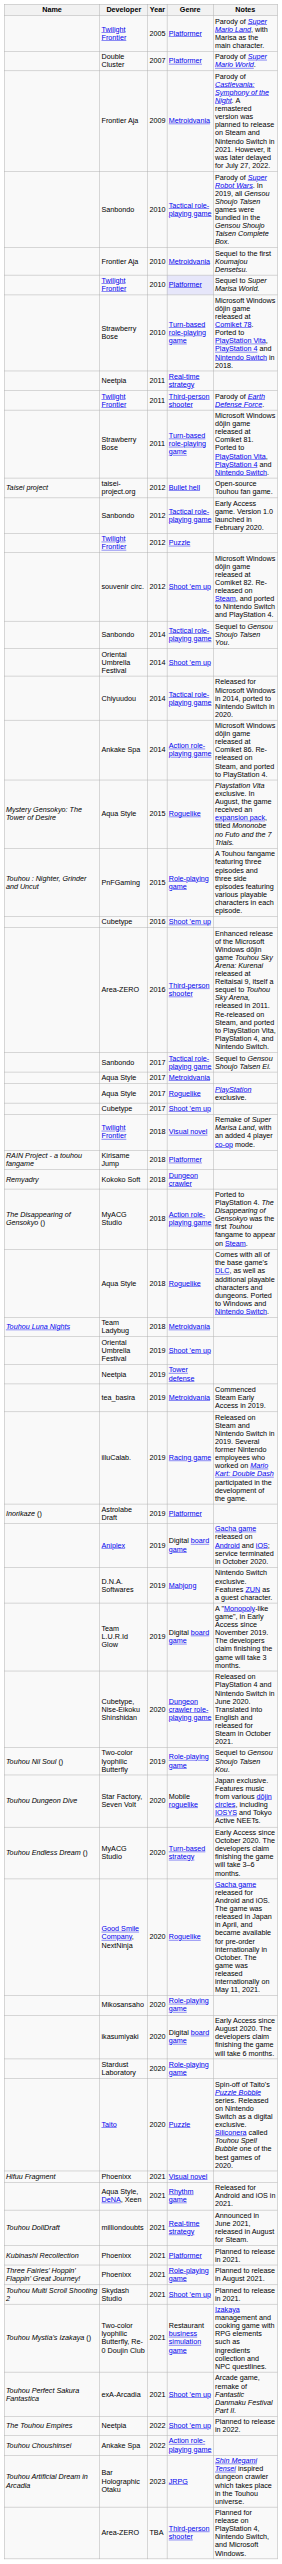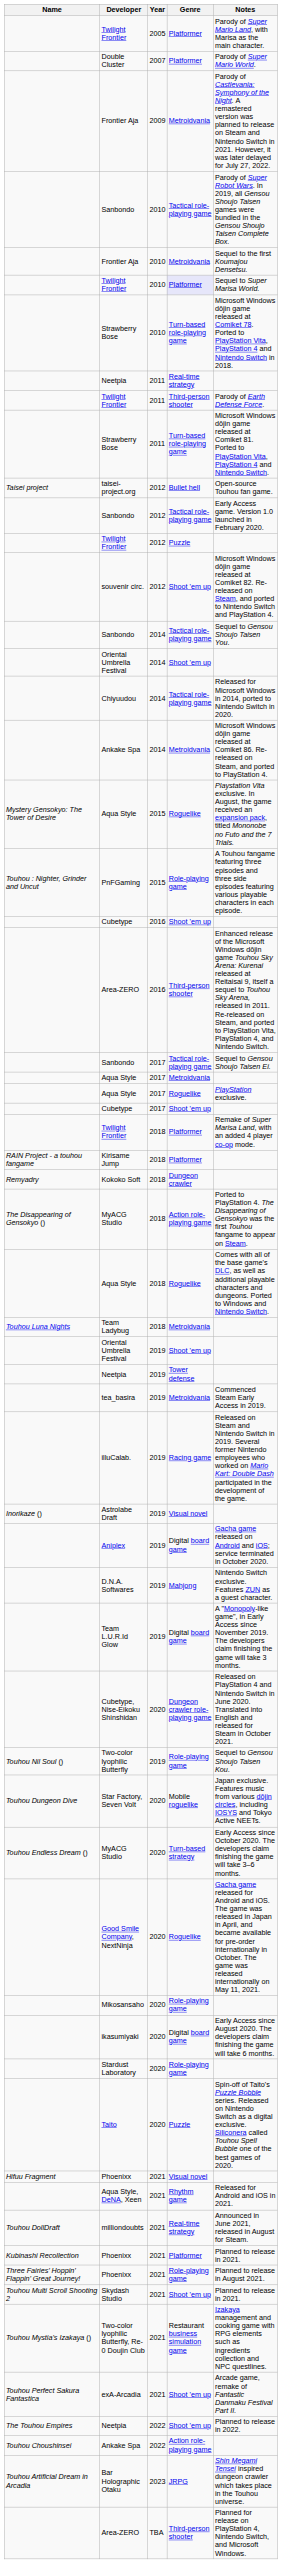 <table class="wikitable sortable">
 <tr>
 <th style="width: 35%;">Name</th>
 <th>Developer</th>
 <th>Year</th>
 <th>Genre</th>
 <th>Notes</th>
 </tr>
 <tr>
 <td></td>
 <td><a href='#'>Twilight Frontier</a></td>
 <td>2005</td>
 <td><a href='#'>Platformer</a></td>
 <td>Parody of <em><a href='#'>Super Mario Land</a></em>, with Marisa as the main character.</td>
 </tr>
 <tr>
 <td></td>
 <td>Double Cluster</td>
 <td>2007</td>
 <td><a href='#'>Platformer</a></td>
 <td>Parody of <em><a href='#'>Super Mario World</a></em>.</td>
 </tr>
 <tr>
 <td></td>
 <td>Frontier Aja</td>
 <td>2009</td>
 <td><a href='#'>Metroidvania</a></td>
 <td>Parody of <em><a href='#'>Castlevania: Symphony of the Night</a>.</em> A remastered version was planned to release on Steam and Nintendo Switch in 2021. However, it was later delayed for July 27, 2022.</td>
 </tr>
 <tr>
 <td></td>
 <td>Sanbondo</td>
 <td>2010</td>
 <td><a href='#'>Tactical role-playing game</a></td>
 <td>Parody of <em><a href='#'>Super Robot Wars</a></em>. In 2019, all <em>Gensou Shoujo Taisen</em> games were bundled in the <em>Gensou Shoujo Taisen Complete Box.</em></td>
 </tr>
 <tr>
 <td></td>
 <td>Frontier Aja</td>
 <td>2010</td>
 <td><a href='#'>Metroidvania</a></td>
 <td>Sequel to the first <em>Koumajou Densetsu.</em></td>
 </tr>
 <tr>
 <td></td>
 <td><a href='#'>Twilight Frontier</a></td>
 <td>2010</td>
 <td style="background: lavender;"><a href='#'>Platformer</a></td>
 <td>Sequel to <em>Super Marisa World.</em></td>
 </tr>
 <tr>
 <td></td>
 <td>Strawberry Bose</td>
 <td>2010</td>
 <td><a href='#'>Turn-based role-playing game</a></td>
 <td>Microsoft Windows dōjin game released at <a href='#'>Comiket 78</a>. Ported to <a href='#'>PlayStation Vita</a>, <a href='#'>PlayStation 4</a> and <a href='#'>Nintendo Switch</a> in 2018.</td>
 </tr>
 <tr>
 <td></td>
 <td>Neetpia</td>
 <td>2011</td>
 <td><a href='#'>Real-time strategy</a></td>
 <td></td>
 </tr>
 <tr>
 <td></td>
 <td><a href='#'>Twilight Frontier</a></td>
 <td>2011</td>
 <td><a href='#'>Third-person shooter</a></td>
 <td>Parody of <em><a href='#'>Earth Defense Force</a></em>.</td>
 </tr>
 <tr>
 <td></td>
 <td>Strawberry Bose</td>
 <td>2011</td>
 <td><a href='#'>Turn-based role-playing game</a></td>
 <td>Microsoft Windows dōjin game released at Comiket 81. Ported to <a href='#'>PlayStation Vita</a>, <a href='#'>PlayStation 4</a> and <a href='#'>Nintendo Switch</a>.</td>
 </tr>
 <tr>
 <td><em>Taisei project</em></td>
 <td>taisei-project.org</td>
 <td>2012</td>
 <td><a href='#'>Bullet hell</a></td>
 <td>Open-source Touhou fan game.</td>
 </tr>
 <tr>
 <td></td>
 <td>Sanbondo</td>
 <td>2012</td>
 <td><a href='#'>Tactical role-playing game</a></td>
 <td>Early Access game. Version 1.0 launched in February 2020.</td>
 </tr>
 <tr>
 <td></td>
 <td><a href='#'>Twilight Frontier</a></td>
 <td>2012</td>
 <td><a href='#'>Puzzle</a></td>
 <td></td>
 </tr>
 <tr>
 <td></td>
 <td>souvenir circ.</td>
 <td>2012</td>
 <td><a href='#'>Shoot 'em up</a></td>
 <td>Microsoft Windows dōjin game released at Comiket 82. Re-released on <a href='#'>Steam</a>, and ported to Nintendo Switch and PlayStation 4.</td>
 </tr>
 <tr>
 <td></td>
 <td>Sanbondo</td>
 <td>2014</td>
 <td><a href='#'>Tactical role-playing game</a></td>
 <td>Sequel to <em>Gensou Shoujo Taisen</em> <em>You</em>.</td>
 </tr>
 <tr>
 <td></td>
 <td>Oriental Umbrella Festival</td>
 <td>2014</td>
 <td><a href='#'>Shoot 'em up</a></td>
 <td></td>
 </tr>
 <tr>
 <td></td>
 <td>Chiyuudou</td>
 <td>2014</td>
 <td><a href='#'>Tactical role-playing game</a></td>
 <td>Released for Microsoft Windows in 2014, ported to Nintendo Switch in 2020.</td>
 </tr>
 <tr>
 <td></td>
 <td>Ankake Spa</td>
 <td>2014</td>
-<td><a href='#'>Action role-playing game</a></td>
+<td><a href='#'>Metroidvania</a></td>
 <td>Microsoft Windows dōjin game released at Comiket 86. Re-released on Steam, and ported to PlayStation 4.</td>
 </tr>
 <tr>
 <td><em>Mystery Gensokyo: The Tower of Desire</em></td>
 <td>Aqua Style</td>
 <td>2015</td>
 <td><a href='#'>Roguelike</a></td>
 <td><em>Playstation Vita</em> exclusive. In August, the game received an <a href='#'>expansion pack</a>, titled <em>Mononobe no Futo and the 7 Trials.</em></td>
 </tr>
 <tr>
 <td><em>Touhou : Nighter, Grinder and Uncut</em></td>
 <td>PnFGaming</td>
 <td>2015</td>
 <td><a href='#'>Role-playing game</a></td>
 <td>A Touhou fangame featuring three episodes and three side episodes featuring various playable characters in each episode.</td>
 </tr>
 <tr>
 <td></td>
 <td>Cubetype</td>
 <td>2016</td>
 <td><a href='#'>Shoot 'em up</a></td>
 <td></td>
 </tr>
 <tr>
 <td></td>
 <td>Area-ZERO</td>
 <td>2016</td>
 <td><a href='#'>Third-person shooter</a></td>
 <td>Enhanced release of the Microsoft Windows dōjin game <em>Touhou Sky Arena: Kurenai</em> released at Reitaisai 9, itself a sequel to <em>Touhou Sky Arena,</em> released in 2011. Re-released on Steam, and ported to PlayStation Vita, PlayStation 4, and Nintendo Switch.</td>
 </tr>
 <tr>
 <td></td>
 <td>Sanbondo</td>
 <td>2017</td>
 <td><a href='#'>Tactical role-playing game</a></td>
 <td>Sequel to <em>Gensou Shoujo Taisen</em> <em>Ei.</em></td>
 </tr>
 <tr>
 <td></td>
 <td>Aqua Style</td>
 <td>2017</td>
 <td><a href='#'>Metroidvania</a></td>
 <td></td>
 </tr>
 <tr>
 <td></td>
 <td>Aqua Style</td>
 <td>2017</td>
 <td><a href='#'>Roguelike</a></td>
 <td><em><a href='#'>PlayStation</a></em> exclusive.</td>
 </tr>
 <tr>
 <td></td>
 <td>Cubetype</td>
 <td>2017</td>
 <td><a href='#'>Shoot 'em up</a></td>
 <td></td>
 </tr>
 <tr>
 <td></td>
 <td><a href='#'>Twilight Frontier</a></td>
 <td>2018</td>
-<td><a href='#'>Visual novel</a></td>
+<td><a href='#'>Platformer</a></td>
 <td>Remake of <em>Super Marisa Land</em>, with an added 4 player <a href='#'>co-op</a> mode.</td>
 </tr>
 <tr>
 <td><em>RAIN Project - a touhou fangame</em></td>
 <td>Kirisame Jump</td>
 <td>2018</td>
 <td><a href='#'>Platformer</a></td>
 <td></td>
 </tr>
 <tr>
 <td><em>Remyadry</em></td>
 <td>Kokoko Soft</td>
 <td>2018</td>
 <td><a href='#'>Dungeon crawler</a></td>
 <td></td>
 </tr>
 <tr>
 <td><em>The Disappearing of Gensokyo</em> ()</td>
 <td>MyACG Studio</td>
 <td>2018</td>
 <td><a href='#'>Action role-playing game</a></td>
 <td>Ported to PlayStation 4. <em>The Disappearing of Gensokyo</em> was the first <em>Touhou</em> fangame to appear on <a href='#'>Steam</a>.</td>
 </tr>
 <tr>
 <td></td>
 <td>Aqua Style</td>
 <td>2018</td>
 <td><a href='#'>Roguelike</a></td>
 <td>Comes with all of the base game's <a href='#'>DLC</a>, as well as additional playable characters and dungeons. Ported to Windows and <a href='#'>Nintendo Switch</a>.</td>
 </tr>
 <tr>
 <td><em><a href='#'>Touhou Luna Nights</a></em></td>
 <td>Team Ladybug</td>
 <td>2018</td>
 <td><a href='#'>Metroidvania</a></td>
 <td></td>
 </tr>
 <tr>
 <td></td>
 <td>Oriental Umbrella Festival</td>
 <td>2019</td>
 <td><a href='#'>Shoot 'em up</a></td>
 <td></td>
 </tr>
 <tr>
 <td></td>
 <td>Neetpia</td>
 <td>2019</td>
 <td><a href='#'>Tower defense</a></td>
 <td></td>
 </tr>
 <tr>
 <td></td>
 <td>tea_basira</td>
 <td>2019</td>
 <td><a href='#'>Metroidvania</a></td>
 <td>Commenced Steam Early Access in 2019.</td>
 </tr>
 <tr>
 <td></td>
 <td>illuCalab.</td>
 <td>2019</td>
 <td><a href='#'>Racing game</a></td>
 <td>Released on Steam and Nintendo Switch in 2019. Several former Nintendo employees who worked on <em><a href='#'>Mario Kart: Double Dash</a></em> participated in the development of the game.</td>
 </tr>
 <tr>
 <td><em>Inorikaze</em> ()</td>
 <td>Astrolabe Draft</td>
 <td>2019</td>
-<td><a href='#'>Platformer</a></td>
+<td><a href='#'>Visual novel</a></td>
 <td></td>
 </tr>
 <tr>
 <td></td>
 <td><a href='#'>Aniplex</a></td>
 <td>2019</td>
 <td>Digital <a href='#'>board game</a></td>
 <td><a href='#'>Gacha game</a> released on <a href='#'>Android</a> and <a href='#'>iOS</a>; service terminated in October 2020.</td>
 </tr>
 <tr>
 <td></td>
 <td>D.N.A. Softwares</td>
 <td>2019</td>
 <td><a href='#'>Mahjong</a></td>
 <td>Nintendo Switch exclusive. Features <a href='#'>ZUN</a> as a guest character.</td>
 </tr>
 <tr>
 <td></td>
 <td>Team L.U.R.Id Glow</td>
 <td>2019</td>
 <td>Digital <a href='#'>board game</a></td>
 <td>A "<a href='#'>Monopoly</a>-like game", in Early Access since November 2019. The developers claim finishing the game will take 3 months.</td>
 </tr>
 <tr>
 <td></td>
 <td>Cubetype, Nise-Eikoku Shinshidan</td>
 <td>2020</td>
 <td><a href='#'>Dungeon crawler role-playing game</a></td>
 <td>Released on PlayStation 4 and Nintendo Switch in June 2020. Translated into English and released for Steam in October 2021.</td>
 </tr>
 <tr>
 <td><em>Touhou Nil Soul</em> ()</td>
 <td>Two-color lyophilic Butterfly</td>
 <td>2019</td>
 <td><a href='#'>Role-playing game</a></td>
 <td>Sequel to <em>Gensou Shoujo Taisen</em> <em>Kou</em>.</td>
 </tr>
 <tr>
 <td><em>Touhou Dungeon Dive</em></td>
 <td>Star Factory, Seven Volt</td>
 <td>2020</td>
 <td>Mobile <a href='#'>roguelike</a></td>
 <td>Japan exclusive. Features music from various <a href='#'>dōjin circles</a>, including <a href='#'>IOSYS</a> and Tokyo Active NEETs.</td>
 </tr>
 <tr>
 <td><em>Touhou Endless Dream</em> ()</td>
 <td>MyACG Studio</td>
 <td>2020</td>
 <td><a href='#'>Turn-based strategy</a></td>
 <td>Early Access since October 2020. The developers claim finishing the game will take 3–6 months.</td>
 </tr>
 <tr>
 <td></td>
 <td><a href='#'>Good Smile Company</a>, NextNinja</td>
 <td>2020</td>
 <td><a href='#'>Roguelike</a></td>
 <td><a href='#'>Gacha game</a> released for Android and iOS. The game was released in Japan in April, and became available for pre-order internationally in October. The game was released internationally on May 11, 2021.</td>
 </tr>
 <tr>
 <td></td>
 <td>Mikosansaho</td>
 <td>2020</td>
 <td><a href='#'>Role-playing game</a></td>
 <td></td>
 </tr>
 <tr>
 <td></td>
 <td>ikasumiyaki</td>
 <td>2020</td>
 <td>Digital <a href='#'>board game</a></td>
 <td>Early Access since August 2020. The developers claim finishing the game will take 6 months.</td>
 </tr>
 <tr>
 <td></td>
 <td>Stardust Laboratory</td>
 <td>2020</td>
 <td><a href='#'>Role-playing game</a></td>
 <td></td>
 </tr>
 <tr>
 <td></td>
 <td><a href='#'>Taito</a></td>
 <td>2020</td>
 <td><a href='#'>Puzzle</a></td>
 <td>Spin-off of Taito's <em><a href='#'>Puzzle Bobble</a></em> series. Released on Nintendo Switch as a digital exclusive. <a href='#'>Siliconera</a> called <em>Touhou Spell Bubble</em> one of the best games of 2020.</td>
 </tr>
 <tr>
 <td><em>Hifuu Fragment</em></td>
 <td>Phoenixx</td>
 <td>2021</td>
 <td><a href='#'>Visual novel</a></td>
 <td></td>
 </tr>
 <tr>
 <td></td>
 <td>Aqua Style, <a href='#'>DeNA</a>, Xeen</td>
 <td>2021</td>
 <td><a href='#'>Rhythm game</a></td>
 <td>Released for Android and iOS in 2021.</td>
 </tr>
 <tr>
 <td><em>Touhou DollDraft</em></td>
 <td>milliondoubts</td>
 <td>2021</td>
 <td><a href='#'>Real-time strategy</a></td>
 <td>Announced in June 2021, released in August for Steam.</td>
 </tr>
 <tr>
 <td><em>Kubinashi Recollection</em></td>
 <td>Phoenixx</td>
 <td>2021</td>
 <td><a href='#'>Platformer</a></td>
 <td>Planned to release in 2021.</td>
 </tr>
 <tr>
 <td><em>Three Fairies’ Hoppin’ Flappin’ Great Journey!</em></td>
 <td>Phoenixx</td>
 <td>2021</td>
 <td><a href='#'>Role-playing game</a></td>
 <td>Planned to release in August 2021.</td>
 </tr>
 <tr>
 <td><em>Touhou Multi Scroll Shooting 2</em></td>
 <td>Skydash Studio</td>
 <td>2021</td>
 <td><a href='#'>Shoot 'em up</a></td>
 <td>Planned to release in 2021.</td>
 </tr>
 <tr>
 <td><em>Touhou Mystia's Izakaya</em> ()</td>
 <td>Two-color lyophilic Butterfly, Re-0 Doujin Club</td>
 <td>2021</td>
 <td>Restaurant <a href='#'>business simulation game</a></td>
 <td><a href='#'>Izakaya</a> management and cooking game with RPG elements such as ingredients collection and NPC questlines.</td>
 </tr>
 <tr>
 <td><em>Touhou Perfect Sakura Fantastica</em></td>
 <td>exA-Arcadia</td>
 <td>2021</td>
 <td><a href='#'>Shoot 'em up</a></td>
 <td>Arcade game, remake of <em>Fantastic Danmaku Festival Part II.</em></td>
 </tr>
 <tr>
 <td><em>The Touhou Empires</em></td>
 <td>Neetpia</td>
 <td>2022</td>
 <td><a href='#'>Shoot 'em up</a></td>
 <td>Planned to release in 2022.</td>
 </tr>
 <tr>
 <td><em>Touhou Choushinsei</em></td>
 <td>Ankake Spa</td>
 <td>2022</td>
 <td><a href='#'>Action role-playing game</a></td>
 <td></td>
 </tr>
 <tr>
 <td><em>Touhou Artificial Dream in Arcadia</em></td>
 <td>Bar Holographic Otaku</td>
 <td>2023</td>
 <td><a href='#'>JRPG</a></td>
 <td><em><a href='#'>Shin Megami Tensei</a></em> inspired dungeon crawler which takes place in the Touhou universe.</td>
 </tr>
 <tr>
 <td></td>
 <td>Area-ZERO</td>
 <td>TBA</td>
 <td><a href='#'>Third-person shooter</a></td>
 <td>Planned for release on PlayStation 4, Nintendo Switch, and Microsoft Windows.</td>
 </tr>
 </table>
